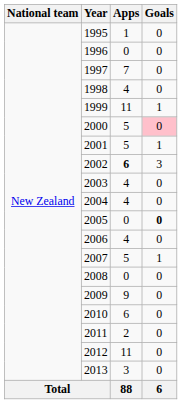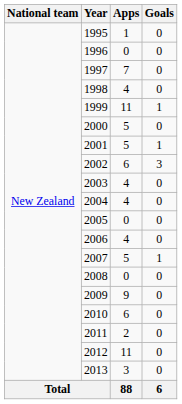 <table class="wikitable" style="text-align:center">
 <tr>
 <th>National team</th>
 <th>Year</th>
 <th>Apps</th>
 <th>Goals</th>
 </tr>
 <tr>
 <td rowspan="19"><a href='#'>New Zealand</a></td>
 <td>1995</td>
 <td>1</td>
 <td>0</td>
 </tr>
 <tr>
 <td>1996</td>
 <td>0</td>
 <td>0</td>
 </tr>
 <tr>
 <td>1997</td>
 <td>7</td>
 <td>0</td>
 </tr>
 <tr>
 <td>1998</td>
 <td>4</td>
 <td>0</td>
 </tr>
 <tr>
 <td>1999</td>
 <td>11</td>
 <td>1</td>
 </tr>
 <tr>
 <td>2000</td>
 <td>5</td>
-<td style="background: pink;">0</td>
+<td>0</td>
 </tr>
 <tr>
 <td>2001</td>
 <td>5</td>
 <td>1</td>
 </tr>
 <tr>
 <td>2002</td>
-<td><strong>6</strong></td>
+<td>6</td>
 <td>3</td>
 </tr>
 <tr>
 <td>2003</td>
 <td>4</td>
 <td>0</td>
 </tr>
 <tr>
 <td>2004</td>
 <td>4</td>
 <td>0</td>
 </tr>
 <tr>
 <td>2005</td>
 <td>0</td>
-<td><strong>0</strong></td>
+<td>0</td>
 </tr>
 <tr>
 <td>2006</td>
 <td>4</td>
 <td>0</td>
 </tr>
 <tr>
 <td>2007</td>
 <td>5</td>
 <td>1</td>
 </tr>
 <tr>
 <td>2008</td>
 <td>0</td>
 <td>0</td>
 </tr>
 <tr>
 <td>2009</td>
 <td>9</td>
 <td>0</td>
 </tr>
 <tr>
 <td>2010</td>
 <td>6</td>
 <td>0</td>
 </tr>
 <tr>
 <td>2011</td>
 <td>2</td>
 <td>0</td>
 </tr>
 <tr>
 <td>2012</td>
 <td>11</td>
 <td>0</td>
 </tr>
 <tr>
 <td>2013</td>
 <td>3</td>
 <td>0</td>
 </tr>
 <tr>
 <th colspan="2">Total</th>
 <th>88</th>
 <th>6</th>
 </tr>
 </table>
